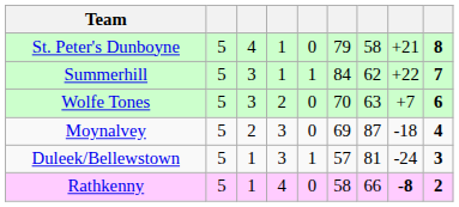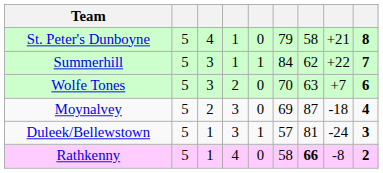 <table class="wikitable" style="text-align:center">
 <tr>
 <th style="width:175px;">Team</th>
 <th width="20"></th>
 <th width="20"></th>
 <th width="20"></th>
 <th width="20"></th>
 <th width="20"></th>
 <th width="20"></th>
 <th width="20"></th>
 <th width="20"></th>
 </tr>
 <tr style="background:#cfc;">
 <td><a href='#'>St. Peter's Dunboyne</a></td>
 <td>5</td>
 <td>4</td>
 <td>1</td>
 <td>0</td>
 <td>79</td>
 <td>58</td>
 <td>+21</td>
 <td><strong>8</strong></td>
 </tr>
 <tr style="background:#cfc;">
 <td><a href='#'>Summerhill</a></td>
 <td>5</td>
 <td>3</td>
 <td>1</td>
 <td>1</td>
 <td>84</td>
 <td>62</td>
 <td>+22</td>
 <td><strong>7</strong></td>
 </tr>
 <tr style="background:#cfc;">
 <td><a href='#'>Wolfe Tones</a></td>
 <td>5</td>
 <td>3</td>
 <td>2</td>
 <td>0</td>
 <td>70</td>
 <td>63</td>
 <td>+7</td>
 <td><strong>6</strong></td>
 </tr>
 <tr>
 <td><a href='#'>Moynalvey</a></td>
 <td>5</td>
 <td>2</td>
 <td>3</td>
 <td>0</td>
 <td>69</td>
 <td>87</td>
 <td>-18</td>
 <td><strong>4</strong></td>
 </tr>
 <tr>
 <td><a href='#'>Duleek/Bellewstown</a></td>
 <td>5</td>
 <td>1</td>
 <td>3</td>
 <td>1</td>
 <td>57</td>
 <td>81</td>
 <td>-24</td>
 <td><strong>3</strong></td>
 </tr>
 <tr style="background:#fcf;">
 <td><a href='#'>Rathkenny</a></td>
 <td>5</td>
 <td>1</td>
 <td>4</td>
 <td>0</td>
 <td>58</td>
-<td>66</td>
-<td><strong>-8</strong></td>
+<td><strong>66</strong></td>
+<td>-8</td>
 <td><strong>2</strong></td>
 </tr>
 </table>
